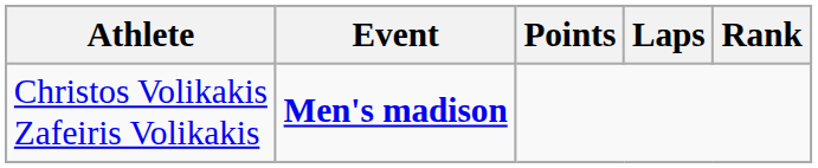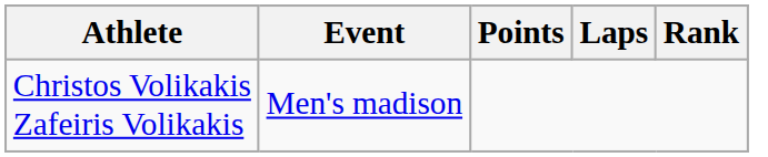 <table class=wikitable style=font-size:90%;text-align:center>
 <tr>
 <th>Athlete</th>
 <th>Event</th>
 <th>Points</th>
 <th>Laps</th>
 <th>Rank</th>
 </tr>
 <tr align=center>
 <td align=left><a href='#'>Christos Volikakis</a><br><a href='#'>Zafeiris Volikakis</a></td>
-<td align=left><strong><a href='#'>Men's madison</a></strong></td>
+<td align=left><a href='#'>Men's madison</a></td>
 <td colspan=3></td>
 </tr>
 </table>
